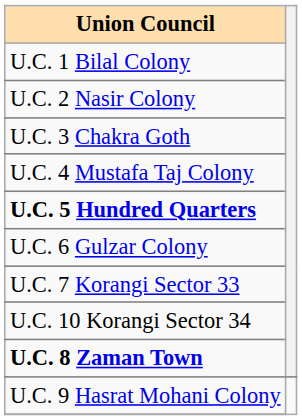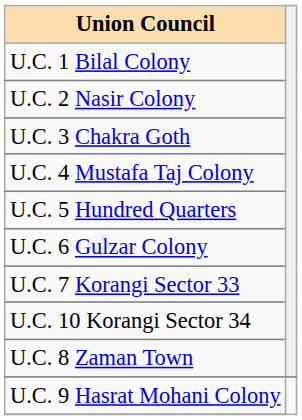 <table class="sortable wikitable" align="left" style="font-size:90%">
 <tr>
 <th style="background:#ffdead;">Union Council</th>
 <th rowspan=10 style="border-bottom:1px solid grey;" valign="top" class="unsortable"><br><br></th>
 </tr>
 <tr>
 <td style="border-bottom:1px solid grey;">U.C. 1 <a href='#'>Bilal Colony</a></td>
 </tr>
 <tr>
 <td style="border-bottom:1px solid grey;">U.C. 2 <a href='#'>Nasir Colony</a></td>
 </tr>
 <tr>
 <td style="border-bottom:1px solid grey;">U.C. 3 <a href='#'>Chakra Goth</a></td>
 </tr>
 <tr>
 <td style="border-bottom:1px solid grey;">U.C. 4 <a href='#'>Mustafa Taj Colony</a></td>
 </tr>
 <tr>
-<td style="border-bottom:1px solid grey;"><strong>U.C. 5 <a href='#'>Hundred Quarters</a></strong></td>
+<td style="border-bottom:1px solid grey;">U.C. 5 <a href='#'>Hundred Quarters</a></td>
 </tr>
 <tr>
 <td style="border-bottom:1px solid grey;">U.C. 6 <a href='#'>Gulzar Colony</a></td>
 </tr>
 <tr>
 <td style="border-bottom:1px solid grey;">U.C. 7 <a href='#'>Korangi Sector 33</a></td>
 </tr>
 <tr>
 <td style="border-bottom:1px solid grey;">U.C. 10 Korangi Sector 34</td>
 </tr>
 <tr>
-<td style="border-bottom:1px solid grey;"><strong>U.C. 8 <a href='#'>Zaman Town</a></strong></td>
+<td style="border-bottom:1px solid grey;">U.C. 8 <a href='#'>Zaman Town</a></td>
 </tr>
 <tr>
 <td style="border-bottom:1px solid grey;">U.C. 9 <a href='#'>Hasrat Mohani Colony</a></td>
 </tr>
 <tr>
 </tr>
 </table>
